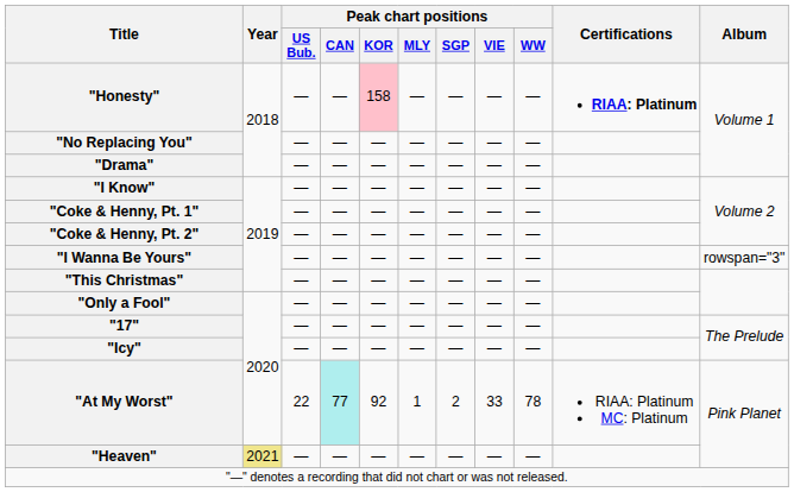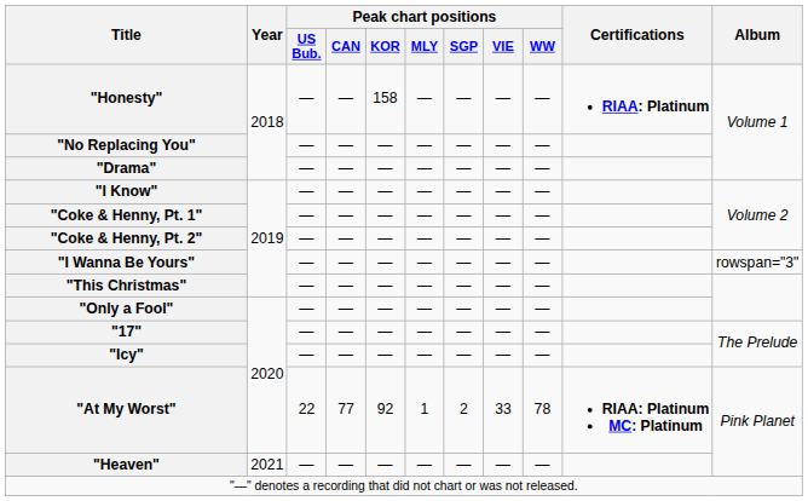 <table class="wikitable plainrowheaders" style="text-align:center;">
 <tr>
 <th scope="col" rowspan="2" style="width:16em;">Title</th>
 <th scope="col" rowspan="2" style="width:1em;">Year</th>
 <th scope="col" colspan="7">Peak chart positions</th>
 <th scope="col" rowspan="2">Certifications</th>
 <th scope="col" rowspan="2">Album</th>
 </tr>
 <tr>
 <th scope="col" style="width:2.5em;font-size:90%;"><a href='#'>US<br>Bub.</a><br></th>
 <th scope="col" style="width:2.5em;font-size:90%;"><a href='#'>CAN</a> <br></th>
 <th scope="col" style="width:2.5em;font-size:90%;"><a href='#'>KOR</a><br></th>
 <th scope="col" style="width:2.5em;font-size:90%;"><a href='#'>MLY</a><br></th>
 <th scope="col" style="width:2.5em;font-size:90%;"><a href='#'>SGP</a><br></th>
 <th scope="col" style="width:2.5em;font-size:90%;"><a href='#'>VIE</a><br></th>
 <th scope="col" style="width:2.5em;font-size:90%;"><a href='#'>WW</a><br></th>
 </tr>
 <tr>
 <th scope="row">"Honesty"</th>
 <td rowspan="3">2018</td>
 <td>—</td>
 <td>—</td>
-<td style="background: pink;">158</td>
+<td>158</td>
 <td>—</td>
 <td>—</td>
 <td>—</td>
 <td>—</td>
 <td><strong><br><ul><li><a href='#'>RIAA</a>: Platinum</li></ul></strong></td>
 <td rowspan="3"><em>Volume 1</em></td>
 </tr>
 <tr>
 <th scope="row">"No Replacing You"</th>
 <td>—</td>
 <td>—</td>
 <td>—</td>
 <td>—</td>
 <td>—</td>
 <td>—</td>
 <td>—</td>
 <td></td>
 </tr>
 <tr>
 <th scope="row">"Drama"</th>
 <td>—</td>
 <td>—</td>
 <td>—</td>
 <td>—</td>
 <td>—</td>
 <td>—</td>
 <td>—</td>
 <td></td>
 </tr>
 <tr>
 <th scope="row">"I Know"</th>
 <td rowspan="5">2019</td>
 <td>—</td>
 <td>—</td>
 <td>—</td>
 <td>—</td>
 <td>—</td>
 <td>—</td>
 <td>—</td>
 <td></td>
 <td rowspan="3"><em>Volume 2</em></td>
 </tr>
 <tr>
 <th scope="row">"Coke & Henny, Pt. 1"</th>
 <td>—</td>
 <td>—</td>
 <td>—</td>
 <td>—</td>
 <td>—</td>
 <td>—</td>
 <td>—</td>
 <td></td>
 </tr>
 <tr>
 <th scope="row">"Coke & Henny, Pt. 2"</th>
 <td>—</td>
 <td>—</td>
 <td>—</td>
 <td>—</td>
 <td>—</td>
 <td>—</td>
 <td>—</td>
 <td></td>
 </tr>
 <tr>
 <th scope="row">"I Wanna Be Yours" <br></th>
 <td>—</td>
 <td>—</td>
 <td>—</td>
 <td>—</td>
 <td>—</td>
 <td>—</td>
 <td>—</td>
 <td></td>
 <td>rowspan="3" </td>
 </tr>
 <tr>
 <th scope="row">"This Christmas" <br></th>
 <td>—</td>
 <td>—</td>
 <td>—</td>
 <td>—</td>
 <td>—</td>
 <td>—</td>
 <td>—</td>
 <td></td>
 </tr>
 <tr>
 <th scope="row">"Only a Fool" <br></th>
 <td rowspan="4">2020</td>
 <td>—</td>
 <td>—</td>
 <td>—</td>
 <td>—</td>
 <td>—</td>
 <td>—</td>
 <td>—</td>
 <td></td>
 </tr>
 <tr>
 <th scope="row">"17"<br></th>
 <td>—</td>
 <td>—</td>
 <td>—</td>
 <td>—</td>
 <td>—</td>
 <td>—</td>
 <td>—</td>
 <td></td>
 <td rowspan="2"><em>The Prelude</em></td>
 </tr>
 <tr>
 <th scope="row">"Icy"</th>
 <td>—</td>
 <td>—</td>
 <td>—</td>
 <td>—</td>
 <td>—</td>
 <td>—</td>
 <td>—</td>
 <td></td>
 </tr>
 <tr>
 <th scope="row">"At My Worst" <br></th>
 <td>22</td>
-<td style="background: paleturquoise;">77</td>
+<td>77</td>
 <td>92</td>
 <td>1</td>
 <td>2</td>
 <td>33</td>
 <td>78</td>
-<td><br><ul><li>RIAA: Platinum</li><li><a href='#'>MC</a>: Platinum</li></ul></td>
+<td><strong><br><ul><li>RIAA: Platinum</li><li><a href='#'>MC</a>: Platinum</li></ul></strong></td>
 <td rowspan="2"><em>Pink Planet</em></td>
 </tr>
 <tr>
 <th scope="row">"Heaven"</th>
-<td style="background: khaki;">2021</td>
+<td>2021</td>
 <td>—</td>
 <td>—</td>
 <td>—</td>
 <td>—</td>
 <td>—</td>
 <td>—</td>
 <td>—</td>
 <td></td>
 </tr>
 <tr>
 <td colspan="11" style="font-size:85%">"—" denotes a recording that did not chart or was not released.</td>
 </tr>
 </table>
